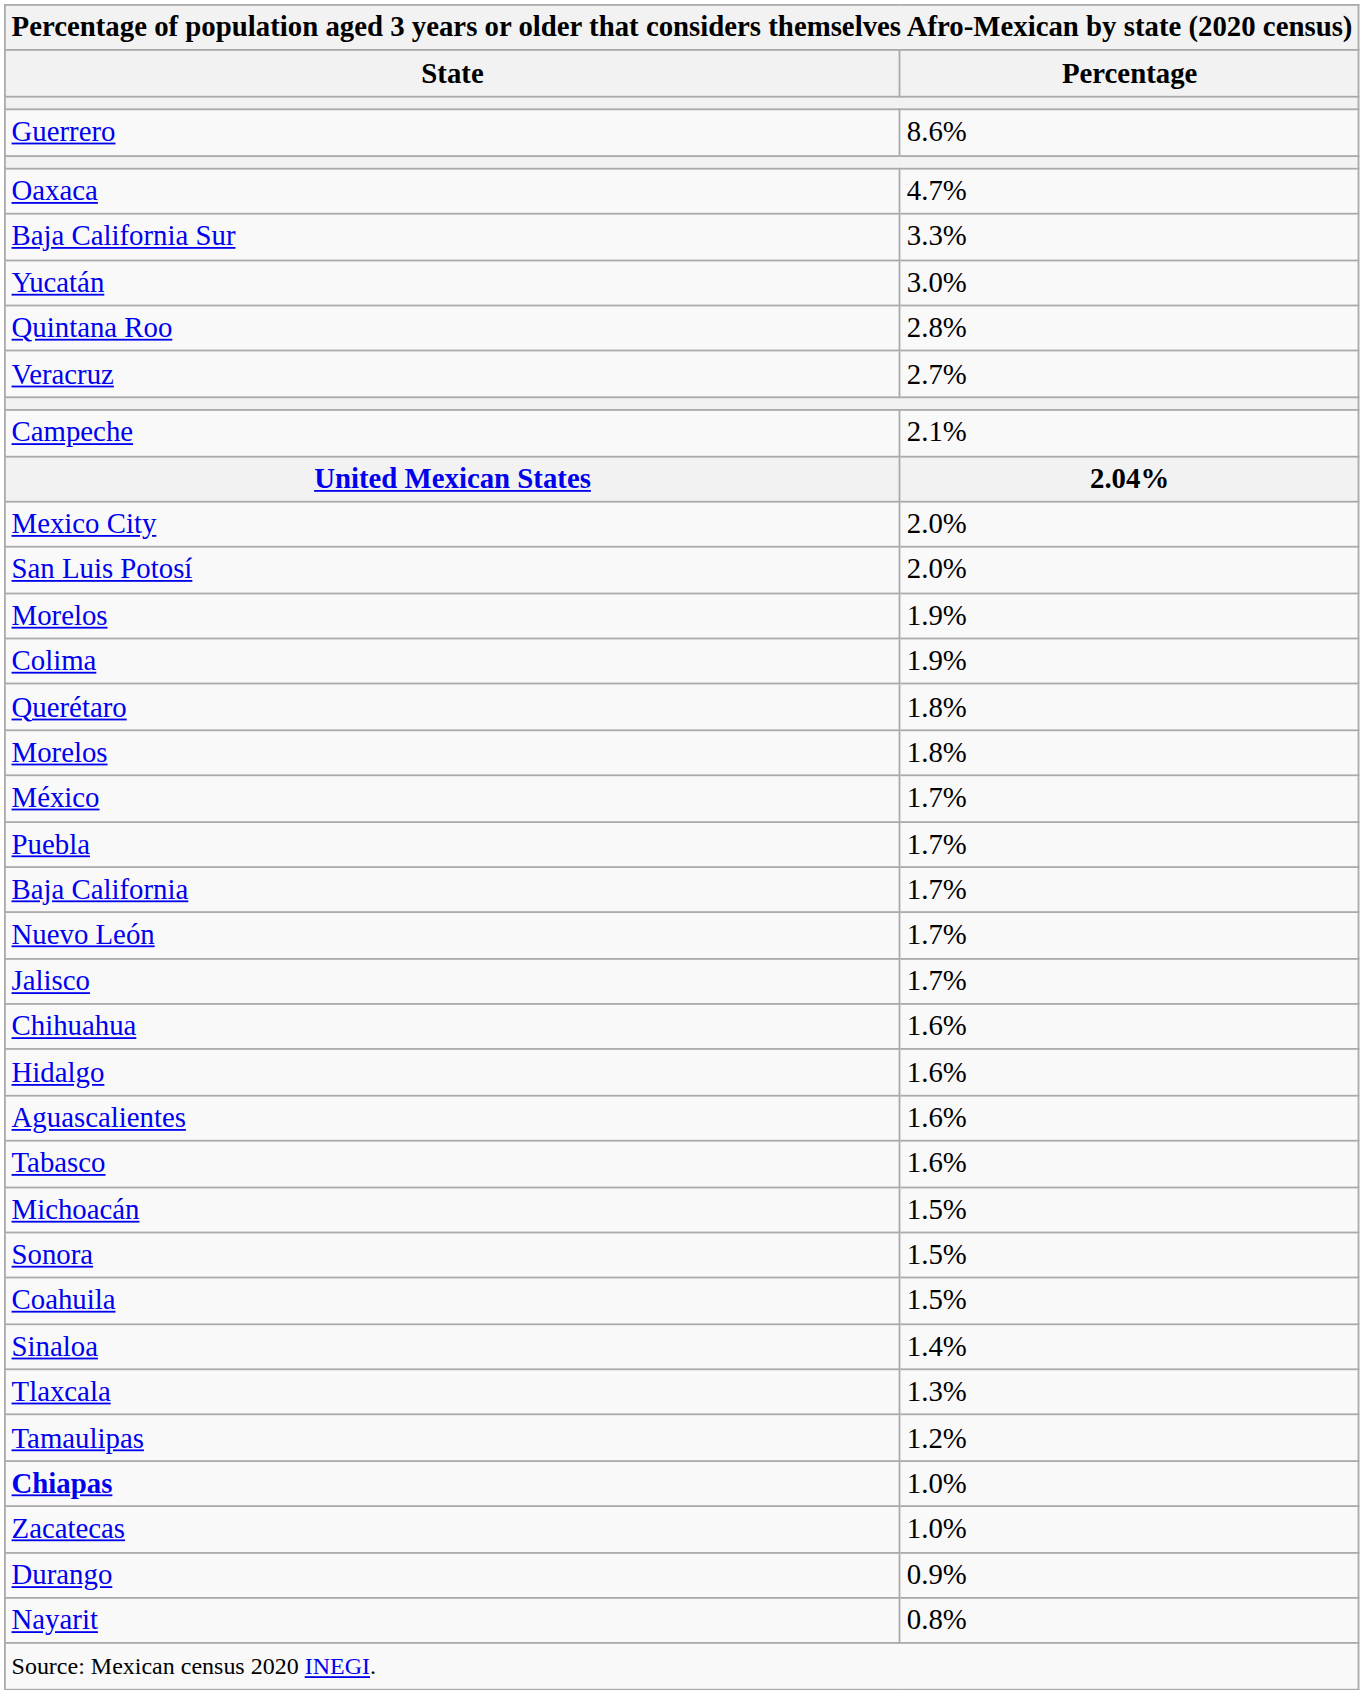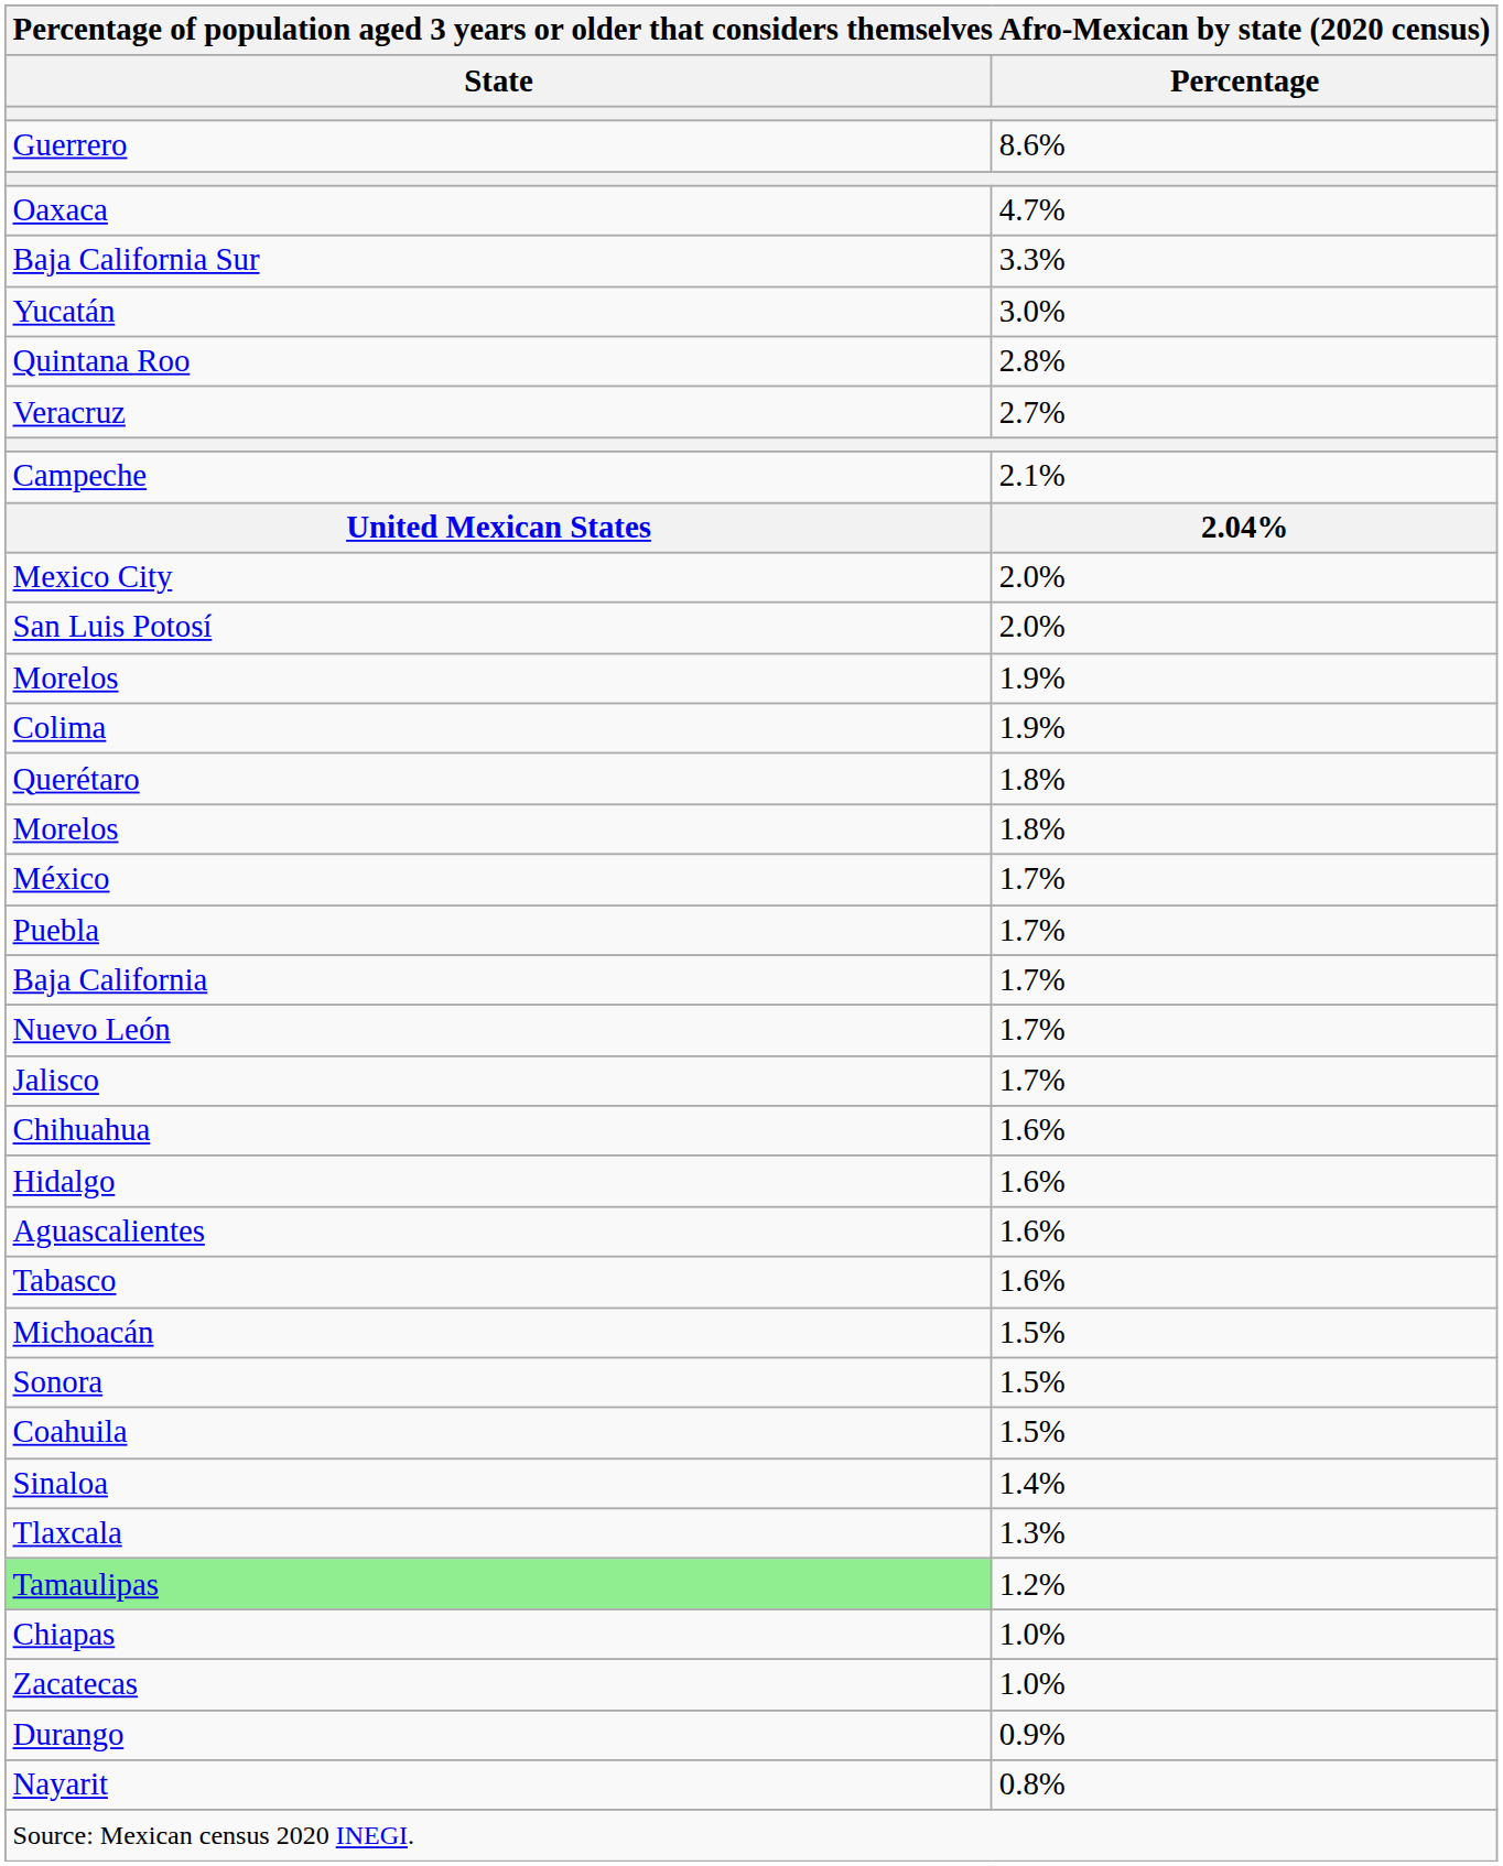 <table class="wikitable" style="float: center;">
 <tr>
 <th colspan="8">Percentage of population aged 3 years or older that considers themselves Afro-Mexican by state (2020 census)</th>
 </tr>
 <tr>
 <th>State</th>
 <th>Percentage</th>
 </tr>
 <tr>
 <th colspan="8"></th>
 </tr>
 <tr>
 <td> <a href='#'>Guerrero</a></td>
 <td>8.6%</td>
 </tr>
 <tr>
 <th colspan="8"></th>
 </tr>
 <tr>
 <td> <a href='#'>Oaxaca</a></td>
 <td>4.7%</td>
 </tr>
 <tr>
 <td> <a href='#'>Baja California Sur</a></td>
 <td>3.3%</td>
 </tr>
 <tr>
 <td> <a href='#'>Yucatán</a></td>
 <td>3.0%</td>
 </tr>
 <tr>
 <td> <a href='#'>Quintana Roo</a></td>
 <td>2.8%</td>
 </tr>
 <tr>
 <td> <a href='#'>Veracruz</a></td>
 <td>2.7%</td>
 </tr>
 <tr>
 <th colspan="8"></th>
 </tr>
 <tr>
 <td> <a href='#'>Campeche</a></td>
 <td>2.1%</td>
 </tr>
 <tr>
 <th scope="row"> <strong><a href='#'>United Mexican States</a></strong></th>
 <th><strong>2.04%</strong></th>
 </tr>
 <tr>
 <td> <a href='#'>Mexico City</a></td>
 <td>2.0%</td>
 </tr>
 <tr>
 <td> <a href='#'>San Luis Potosí</a></td>
 <td>2.0%</td>
 </tr>
 <tr>
 <td> <a href='#'>Morelos</a></td>
 <td>1.9%</td>
 </tr>
 <tr>
 <td> <a href='#'>Colima</a></td>
 <td>1.9%</td>
 </tr>
 <tr>
 <td> <a href='#'>Querétaro</a></td>
 <td>1.8%</td>
 </tr>
 <tr>
 <td> <a href='#'>Morelos</a></td>
 <td>1.8%</td>
 </tr>
 <tr>
 <td> <a href='#'>México</a></td>
 <td>1.7%</td>
 </tr>
 <tr>
 <td> <a href='#'>Puebla</a></td>
 <td>1.7%</td>
 </tr>
 <tr>
 <td> <a href='#'>Baja California</a></td>
 <td>1.7%</td>
 </tr>
 <tr>
 <td> <a href='#'>Nuevo León</a></td>
 <td>1.7%</td>
 </tr>
 <tr>
 <td> <a href='#'>Jalisco</a></td>
 <td>1.7%</td>
 </tr>
 <tr>
 <td> <a href='#'>Chihuahua</a></td>
 <td>1.6%</td>
 </tr>
 <tr>
 <td> <a href='#'>Hidalgo</a></td>
 <td>1.6%</td>
 </tr>
 <tr>
 <td> <a href='#'>Aguascalientes</a></td>
 <td>1.6%</td>
 </tr>
 <tr>
 <td> <a href='#'>Tabasco</a></td>
 <td>1.6%</td>
 </tr>
 <tr>
 <td> <a href='#'>Michoacán</a></td>
 <td>1.5%</td>
 </tr>
 <tr>
 <td> <a href='#'>Sonora</a></td>
 <td>1.5%</td>
 </tr>
 <tr>
 <td> <a href='#'>Coahuila</a></td>
 <td>1.5%</td>
 </tr>
 <tr>
 <td> <a href='#'>Sinaloa</a></td>
 <td>1.4%</td>
 </tr>
 <tr>
 <td> <a href='#'>Tlaxcala</a></td>
 <td>1.3%</td>
 </tr>
 <tr>
-<td> <a href='#'>Tamaulipas</a></td>
+<td style="background: lightgreen;"> <a href='#'>Tamaulipas</a></td>
 <td>1.2%</td>
 </tr>
 <tr>
-<td><strong> <a href='#'>Chiapas</a></strong></td>
+<td> <a href='#'>Chiapas</a></td>
 <td>1.0%</td>
 </tr>
 <tr>
 <td> <a href='#'>Zacatecas</a></td>
 <td>1.0%</td>
 </tr>
 <tr>
 <td> <a href='#'>Durango</a></td>
 <td>0.9%</td>
 </tr>
 <tr>
 <td> <a href='#'>Nayarit</a></td>
 <td>0.8%</td>
 </tr>
 <tr>
 <td colspan="8" style="text-align:left;"><small>Source: Mexican census 2020 <a href='#'>INEGI</a>.</small></td>
 </tr>
 </table>
